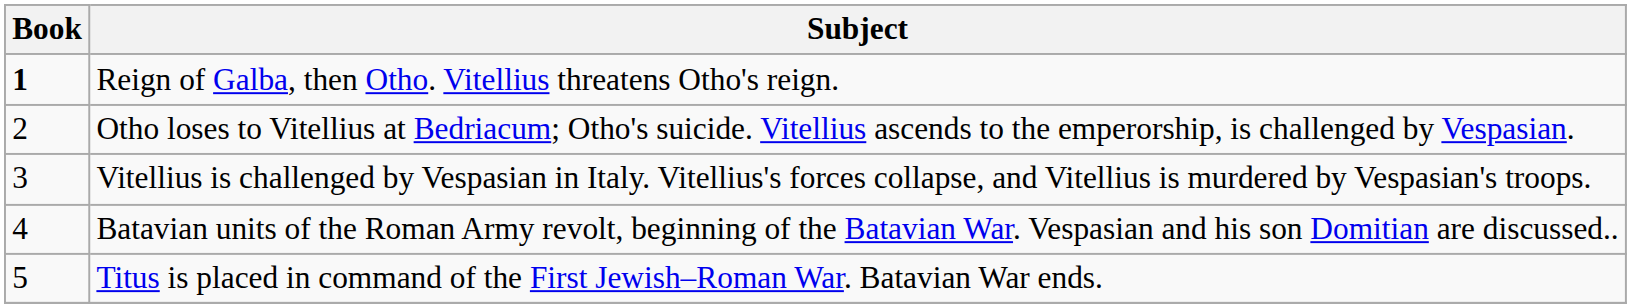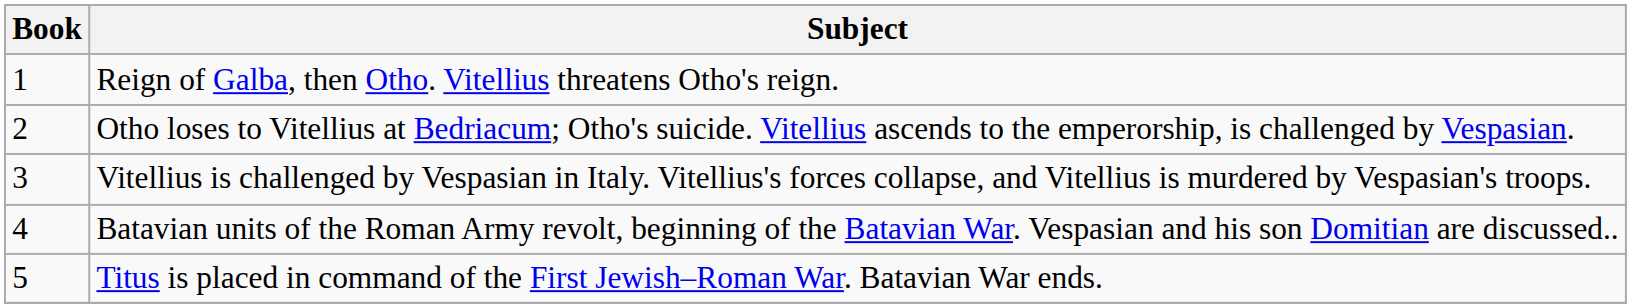 <table class="wikitable">
 <tr>
 <th>Book</th>
 <th>Subject</th>
 </tr>
 <tr>
-<td><strong>1</strong></td>
+<td>1</td>
 <td>Reign of <a href='#'>Galba</a>, then <a href='#'>Otho</a>. <a href='#'>Vitellius</a> threatens Otho's reign.</td>
 </tr>
 <tr>
 <td>2</td>
 <td>Otho loses to Vitellius at <a href='#'>Bedriacum</a>; Otho's suicide. <a href='#'>Vitellius</a> ascends to the emperorship, is challenged by <a href='#'>Vespasian</a>.</td>
 </tr>
 <tr>
 <td>3</td>
 <td>Vitellius is challenged by Vespasian in Italy. Vitellius's forces collapse, and Vitellius is murdered by Vespasian's troops.</td>
 </tr>
 <tr>
 <td>4</td>
 <td>Batavian units of the Roman Army revolt, beginning of the <a href='#'>Batavian War</a>. Vespasian and his son <a href='#'>Domitian</a> are discussed..</td>
 </tr>
 <tr>
 <td>5</td>
 <td><a href='#'>Titus</a> is placed in command of the <a href='#'>First Jewish–Roman War</a>. Batavian War ends.</td>
 </tr>
 <tr>
 </tr>
 </table>
